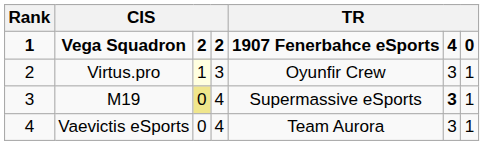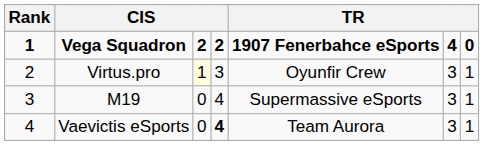 <table class="wikitable" style="text-align:center;">
 <tr>
 <th>Rank</th>
 <th colspan="3">CIS</th>
 <th colspan="3">TR</th>
 </tr>
 <tr>
 <td><strong>1</strong></td>
 <td><strong>Vega Squadron</strong></td>
 <td><strong>2</strong></td>
 <td><strong>2</strong></td>
 <td><strong>1907 Fenerbahce eSports</strong></td>
 <td><strong>4</strong></td>
 <td><strong>0</strong></td>
 </tr>
 <tr>
 <td>2</td>
 <td>Virtus.pro</td>
 <td style="background: lightyellow;">1</td>
 <td>3</td>
 <td>Oyunfir Crew</td>
 <td>3</td>
 <td>1</td>
 </tr>
 <tr>
 <td>3</td>
 <td>M19</td>
-<td style="background: khaki;">0</td>
+<td>0</td>
 <td>4</td>
 <td>Supermassive eSports</td>
-<td><strong>3</strong></td>
+<td>3</td>
 <td>1</td>
 </tr>
 <tr>
 <td>4</td>
 <td>Vaevictis eSports</td>
 <td>0</td>
-<td>4</td>
+<td><strong>4</strong></td>
 <td>Team Aurora</td>
 <td>3</td>
 <td>1</td>
 </tr>
 </table>
